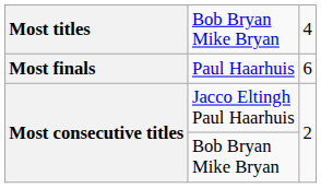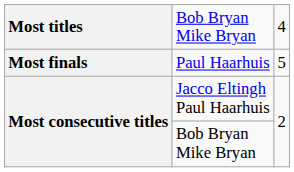 <table class=wikitable>
 <tr>
 <th style="text-align:left;">Most titles</th>
 <td> <a href='#'>Bob Bryan</a><br> <a href='#'>Mike Bryan</a></td>
 <td style="text-align:center;">4</td>
 </tr>
 <tr>
 <th style="text-align:left;">Most finals</th>
 <td> <a href='#'>Paul Haarhuis</a></td>
-<td style="text-align:center;">6</td>
+<td style="text-align:center;">5</td>
 </tr>
 <tr>
 <th rowspan = 2 style="text-align:left;">Most consecutive titles<br> </th>
 <td> <a href='#'>Jacco Eltingh</a><br> Paul Haarhuis<br></td>
 <td rowspan = 2 style="text-align:center;">2</td>
 </tr>
 <tr>
 <td> Bob Bryan<br> Mike Bryan<br></td>
 </tr>
 </table>
